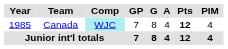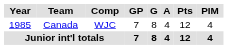 <table BORDER="0" CELLPADDING="2" CELLSPACING="0" width=40%>
 <tr ALIGN="center" bgcolor="#e0e0e0">
 <th>Year</th>
 <th>Team</th>
 <th>Comp</th>
 <th>GP</th>
 <th>G</th>
 <th>A</th>
 <th>Pts</th>
 <th>PIM</th>
 </tr>
 <tr ALIGN="center">
 <td><a href='#'>1985</a></td>
 <td><a href='#'>Canada</a></td>
-<td style="background: paleturquoise;"><a href='#'>WJC</a></td>
+<td><a href='#'>WJC</a></td>
 <td>7</td>
 <td>8</td>
 <td>4</td>
-<td><strong>12</strong></td>
+<td>12</td>
 <td>4</td>
 </tr>
 <tr bgcolor="#e0e0e0">
 <th colspan="3">Junior int'l totals</th>
 <th>7</th>
 <th>8</th>
 <th>4</th>
 <th>12</th>
 <th>4</th>
 </tr>
 </table>
